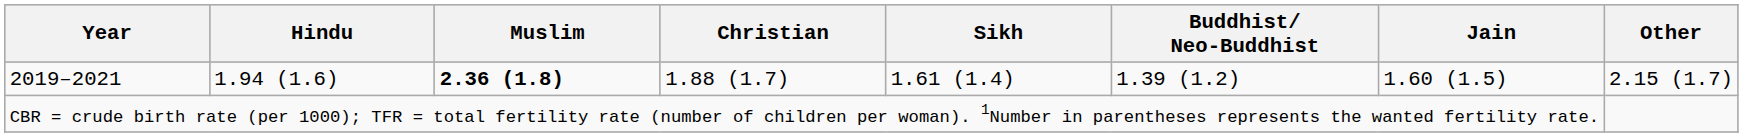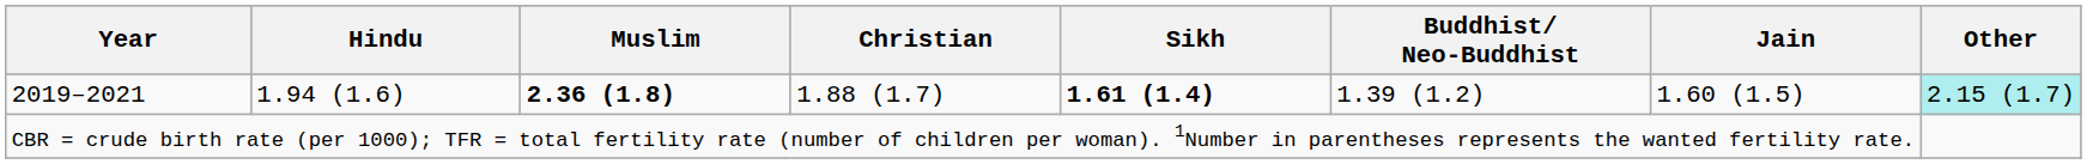 <table class="wikitable sortable">
 <tr>
 <th>Year</th>
 <th>Hindu</th>
 <th>Muslim</th>
 <th>Christian</th>
 <th>Sikh</th>
 <th>Buddhist/<br>Neo-Buddhist</th>
 <th>Jain</th>
 <th>Other</th>
 </tr>
 <tr>
 <td>2019–2021</td>
 <td>1.94 (1.6)</td>
 <td><strong>2.36 (1.8)</strong></td>
 <td>1.88 (1.7)</td>
-<td>1.61 (1.4)</td>
+<td><strong>1.61 (1.4)</strong></td>
 <td>1.39 (1.2)</td>
 <td>1.60 (1.5)</td>
-<td>2.15 (1.7)</td>
+<td style="background: paleturquoise;">2.15 (1.7)</td>
 </tr>
 <tr>
 <td colspan="7"><small>CBR = crude birth rate (per 1000); TFR = total fertility rate (number of children per woman). <sup>1</sup>Number in parentheses represents the wanted fertility rate.</small></td>
 </tr>
 </table>
